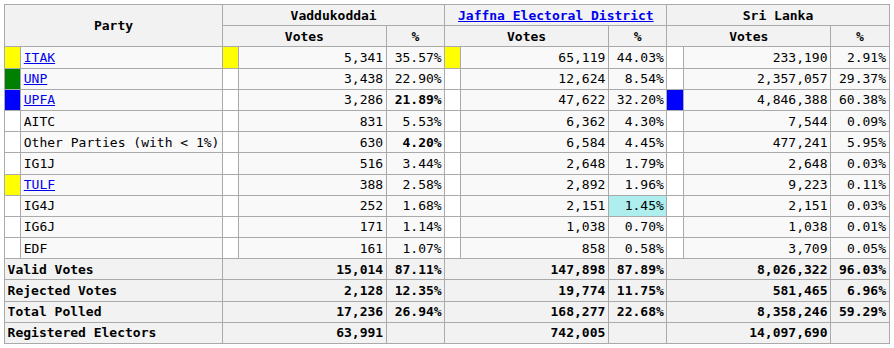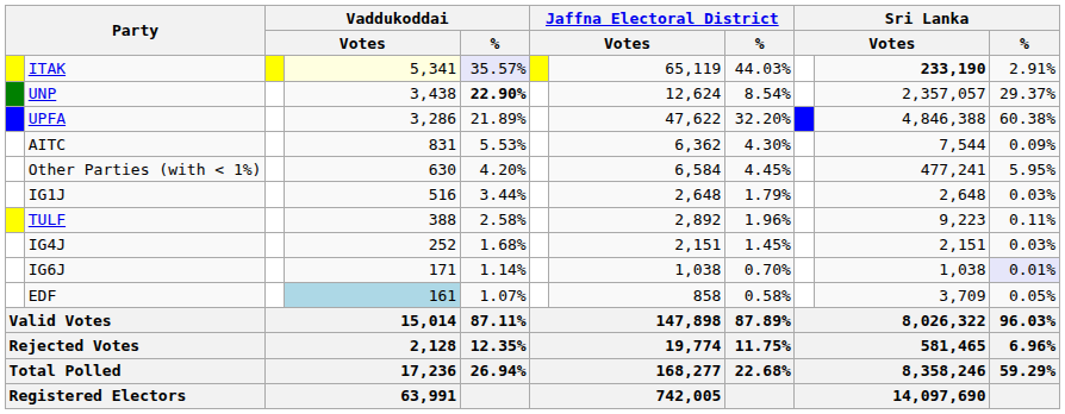 <table class="wikitable">
 <tr>
 <th colspan="2" width="144px"rowspan="2">Party</th>
 <th colspan="3" width="216px">Vaddukoddai</th>
 <th colspan="3" width="216px"><a href='#'>Jaffna Electoral District</a></th>
 <th colspan="3" width="216px">Sri Lanka</th>
 </tr>
 <tr>
 <th colspan="2" width="144px">Votes</th>
 <th>%</th>
 <th colspan="2" width="144px">Votes</th>
 <th>%</th>
 <th colspan="2" width="144px">Votes</th>
 <th>%</th>
 </tr>
 <tr>
 <td style="background-color:yellow;" width="10px"></td>
 <td style="text-align:left;"><a href='#'>ITAK</a></td>
 <td style="background-color:yellow;" width="10px"></td>
-<td style="text-align:right;">5,341</td>
-<td style="text-align:right;">35.57%</td>
+<td style="background: lightyellow; text-align:right;">5,341</td>
+<td style="background: lavender; text-align:right;">35.57%</td>
 <td style="background-color:yellow;" width="10px"></td>
 <td style="text-align:right;">65,119</td>
 <td style="text-align:right;">44.03%</td>
 <td style="background-color:white;" width="10px"></td>
-<td style="text-align:right;">233,190</td>
+<td style="text-align:right;"><strong>233,190</strong></td>
 <td style="text-align:right;">2.91%</td>
 </tr>
 <tr>
 <td style="background-color:green;" width="10px"></td>
 <td style="text-align:left;"><a href='#'>UNP</a></td>
 <td style="background-color:white;" width="10px"></td>
 <td style="text-align:right;">3,438</td>
-<td style="text-align:right;">22.90%</td>
+<td style="text-align:right;"><strong>22.90%</strong></td>
 <td style="background-color:white;" width="10px"></td>
 <td style="text-align:right;">12,624</td>
 <td style="text-align:right;">8.54%</td>
 <td style="background-color:white;" width="10px"></td>
 <td style="text-align:right;">2,357,057</td>
 <td style="text-align:right;">29.37%</td>
 </tr>
 <tr>
 <td style="background-color:blue;" width="10px"></td>
 <td style="text-align:left;"><a href='#'>UPFA</a></td>
 <td style="background-color:white;" width="10px"></td>
 <td style="text-align:right;">3,286</td>
-<td style="text-align:right;"><strong>21.89%</strong></td>
+<td style="text-align:right;">21.89%</td>
 <td style="background-color:white;" width="10px"></td>
 <td style="text-align:right;">47,622</td>
 <td style="text-align:right;">32.20%</td>
 <td style="background-color:blue;" width="10px"></td>
 <td style="text-align:right;">4,846,388</td>
 <td style="text-align:right;">60.38%</td>
 </tr>
 <tr>
 <td style="background-color:white;" width="10px"></td>
 <td style="text-align:left;">AITC</td>
 <td style="background-color:white;" width="10px"></td>
 <td style="text-align:right;">831</td>
 <td style="text-align:right;">5.53%</td>
 <td style="background-color:white;" width="10px"></td>
 <td style="text-align:right;">6,362</td>
 <td style="text-align:right;">4.30%</td>
 <td style="background-color:white;" width="10px"></td>
 <td style="text-align:right;">7,544</td>
 <td style="text-align:right;">0.09%</td>
 </tr>
 <tr>
 <td style="background-color:white;" width="10px"></td>
 <td style="text-align:left;">Other Parties (with < 1%)</td>
 <td style="background-color:white;" width="10px"></td>
 <td style="text-align:right;">630</td>
-<td style="text-align:right;"><strong>4.20%</strong></td>
+<td style="text-align:right;">4.20%</td>
 <td style="background-color:white;" width="10px"></td>
 <td style="text-align:right;">6,584</td>
 <td style="text-align:right;">4.45%</td>
 <td style="background-color:white;" width="10px"></td>
 <td style="text-align:right;">477,241</td>
 <td style="text-align:right;">5.95%</td>
 </tr>
 <tr>
 <td style="background-color:white;" width="10px"></td>
 <td style="text-align:left;">IG1J</td>
 <td style="background-color:white;" width="10px"></td>
 <td style="text-align:right;">516</td>
 <td style="text-align:right;">3.44%</td>
 <td style="background-color:white;" width="10px"></td>
 <td style="text-align:right;">2,648</td>
 <td style="text-align:right;">1.79%</td>
 <td style="background-color:white;" width="10px"></td>
 <td style="text-align:right;">2,648</td>
 <td style="text-align:right;">0.03%</td>
 </tr>
 <tr>
 <td style="background-color:yellow;" width="10px"></td>
 <td style="text-align:left;"><a href='#'>TULF</a></td>
 <td style="background-color:white;" width="10px"></td>
 <td style="text-align:right;">388</td>
 <td style="text-align:right;">2.58%</td>
 <td style="background-color:white;" width="10px"></td>
 <td style="text-align:right;">2,892</td>
 <td style="text-align:right;">1.96%</td>
 <td style="background-color:white;" width="10px"></td>
 <td style="text-align:right;">9,223</td>
 <td style="text-align:right;">0.11%</td>
 </tr>
 <tr>
 <td style="background-color:white;" width="10px"></td>
 <td style="text-align:left;">IG4J</td>
 <td style="background-color:white;" width="10px"></td>
 <td style="text-align:right;">252</td>
 <td style="text-align:right;">1.68%</td>
 <td style="background-color:white;" width="10px"></td>
 <td style="text-align:right;">2,151</td>
-<td style="background: paleturquoise; text-align:right;">1.45%</td>
+<td style="text-align:right;">1.45%</td>
 <td style="background-color:white;" width="10px"></td>
 <td style="text-align:right;">2,151</td>
 <td style="text-align:right;">0.03%</td>
 </tr>
 <tr>
 <td style="background-color:white;" width="10px"></td>
 <td style="text-align:left;">IG6J</td>
 <td style="background-color:white;" width="10px"></td>
 <td style="text-align:right;">171</td>
 <td style="text-align:right;">1.14%</td>
 <td style="background-color:white;" width="10px"></td>
 <td style="text-align:right;">1,038</td>
 <td style="text-align:right;">0.70%</td>
 <td style="background-color:white;" width="10px"></td>
 <td style="text-align:right;">1,038</td>
-<td style="text-align:right;">0.01%</td>
+<td style="background: lavender; text-align:right;">0.01%</td>
 </tr>
 <tr>
 <td style="background-color:white;" width="10px"></td>
 <td style="text-align:left;">EDF</td>
 <td style="background-color:white;" width="10px"></td>
-<td style="text-align:right;">161</td>
+<td style="background: lightblue; text-align:right;">161</td>
 <td style="text-align:right;">1.07%</td>
 <td style="background-color:white;" width="10px"></td>
 <td style="text-align:right;">858</td>
 <td style="text-align:right;">0.58%</td>
 <td style="background-color:white;" width="10px"></td>
 <td style="text-align:right;">3,709</td>
 <td style="text-align:right;">0.05%</td>
 </tr>
 <tr>
 <th colspan="2" width="144px"style="text-align:left;">Valid Votes</th>
 <th style="text-align:right;"colspan="2" width="144px">15,014</th>
 <th style="text-align:right;">87.11%</th>
 <th style="text-align:right;"colspan="2" width="144px">147,898</th>
 <th style="text-align:right;">87.89%</th>
 <th style="text-align:right;"colspan="2" width="144px">8,026,322</th>
 <th style="text-align:right;">96.03%</th>
 </tr>
 <tr>
 <th colspan="2" width="144px"style="text-align:left;">Rejected Votes</th>
 <th style="text-align:right;"colspan="2" width="144px">2,128</th>
 <th style="text-align:right;">12.35%</th>
 <th style="text-align:right;"colspan="2" width="144px">19,774</th>
 <th style="text-align:right;">11.75%</th>
 <th style="text-align:right;"colspan="2" width="144px">581,465</th>
 <th style="text-align:right;">6.96%</th>
 </tr>
 <tr>
 <th colspan="2" width="144px"style="text-align:left;">Total Polled</th>
 <th style="text-align:right;"colspan="2" width="144px">17,236</th>
 <th style="text-align:right;">26.94%</th>
 <th style="text-align:right;"colspan="2" width="144px">168,277</th>
 <th style="text-align:right;">22.68%</th>
 <th style="text-align:right;"colspan="2" width="144px">8,358,246</th>
 <th style="text-align:right;">59.29%</th>
 </tr>
 <tr>
 <th colspan="2" width="144px"style="text-align:left;">Registered Electors</th>
 <th style="text-align:right;"colspan="2" width="144px">63,991</th>
 <th></th>
 <th style="text-align:right;"colspan="2" width="144px">742,005</th>
 <th></th>
 <th style="text-align:right;"colspan="2" width="144px">14,097,690</th>
 <th></th>
 </tr>
 </table>
